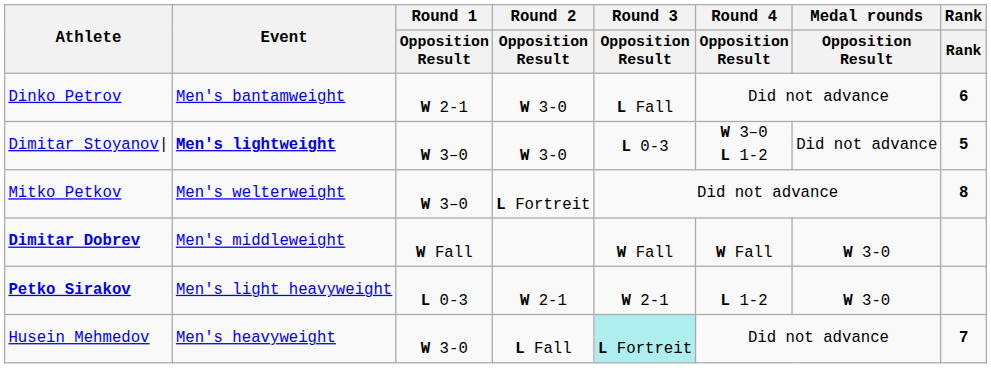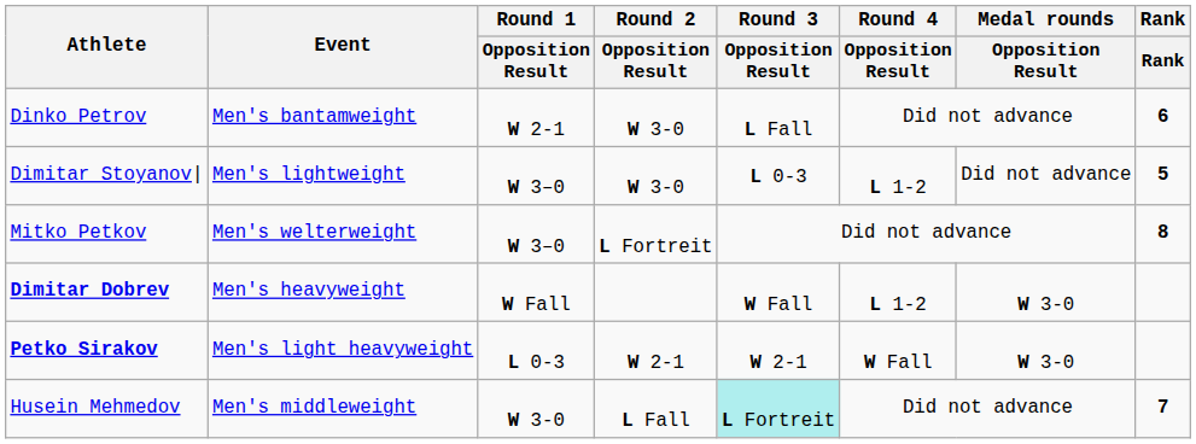 <table class="wikitable" style="font-size:95%">
 <tr>
 <th rowspan="2">Athlete</th>
 <th rowspan="2">Event</th>
 <th>Round 1</th>
 <th>Round 2</th>
 <th>Round 3</th>
 <th>Round 4</th>
 <th>Medal rounds</th>
 <th>Rank</th>
 </tr>
 <tr style="font-size: 95%">
 <th>Opposition<br>Result</th>
 <th>Opposition<br>Result</th>
 <th>Opposition<br>Result</th>
 <th>Opposition<br>Result</th>
 <th>Opposition<br>Result</th>
 <th>Rank</th>
 </tr>
 <tr align=center>
 <td align=left><a href='#'>Dinko Petrov</a></td>
 <td align=left><a href='#'>Men's bantamweight</a></td>
 <td><br><strong>W</strong> 2-1 <sup></sup></td>
 <td><br><strong>W</strong> 3-0 <sup></sup></td>
 <td><br><strong>L</strong> Fall <sup></sup></td>
 <td colspan=2>Did not advance</td>
 <td><strong>6</strong></td>
 </tr>
 <tr align=center>
 <td align=left><a href='#'>Dimitar Stoyanov</a>|</td>
-<td align=left><strong><a href='#'>Men's lightweight</a></strong></td>
+<td align=left><a href='#'>Men's lightweight</a></td>
 <td><br><strong>W</strong> 3–0 <sup></sup></td>
 <td><br><strong>W</strong> 3-0 <sup></sup></td>
 <td> <strong>L</strong> 0-3 <sup></sup></td>
-<td> <strong>W</strong> 3–0<br> <strong>L</strong> 1-2 <sup> </sup></td>
+<td><br><strong>L</strong> 1-2 <sup></sup></td>
 <td colspan=1>Did not advance</td>
 <td><strong>5</strong></td>
 </tr>
 <tr align=center>
 <td align=left><a href='#'>Mitko Petkov</a></td>
 <td align=left><a href='#'>Men's welterweight</a></td>
 <td><br><strong>W</strong> 3–0 <sup></sup></td>
 <td><br><strong>L</strong> Fortreit <sup></sup></td>
 <td colspan=3>Did not advance</td>
 <td><strong>8</strong></td>
 </tr>
 <tr align=center>
 <td align=left><strong><a href='#'>Dimitar Dobrev</a></strong></td>
-<td align=left><a href='#'>Men's middleweight</a></td>
+<td align=left><a href='#'>Men's heavyweight</a></td>
 <td><br><strong>W</strong> Fall <sup></sup></td>
 <td></td>
 <td><br><strong>W</strong> Fall <sup></sup></td>
-<td><br><strong>W</strong> Fall <sup></sup></td>
+<td><br><strong>L</strong> 1-2 <sup></sup></td>
 <td><br><strong>W</strong> 3-0 <sup></sup></td>
 <td></td>
 </tr>
 <tr align=center>
 <td align=left><strong><a href='#'>Petko Sirakov</a></strong></td>
 <td align=left><a href='#'>Men's light heavyweight</a></td>
 <td><br><strong>L</strong> 0-3 <sup></sup></td>
 <td><br><strong>W</strong> 2-1 <sup></sup></td>
 <td><br><strong>W</strong> 2-1 <sup></sup></td>
-<td><br><strong>L</strong> 1-2 <sup></sup></td>
+<td><br><strong>W</strong> Fall <sup></sup></td>
 <td><br><strong>W</strong> 3-0 <sup></sup></td>
 <td Stanchev's victories over Skhirtladze in round 1 and Hodge in round 5 counted for the medal rounds, giving the Bulgarian wrestler the gold medal with a 2–0 record against the other medalists.></td>
 </tr>
 <tr align=center>
 <td align=left><a href='#'>Husein Mehmedov</a></td>
-<td align=left><a href='#'>Men's heavyweight</a></td>
+<td align=left><a href='#'>Men's middleweight</a></td>
 <td><br><strong>W</strong> 3-0 <sup></sup></td>
 <td><br><strong>L</strong> Fall <sup></sup></td>
 <td style="background: paleturquoise;"><br><strong>L</strong> Fortreit <sup></sup></td>
 <td colspan=2>Did not advance</td>
 <td><strong>7</strong></td>
 </tr>
 </table>
